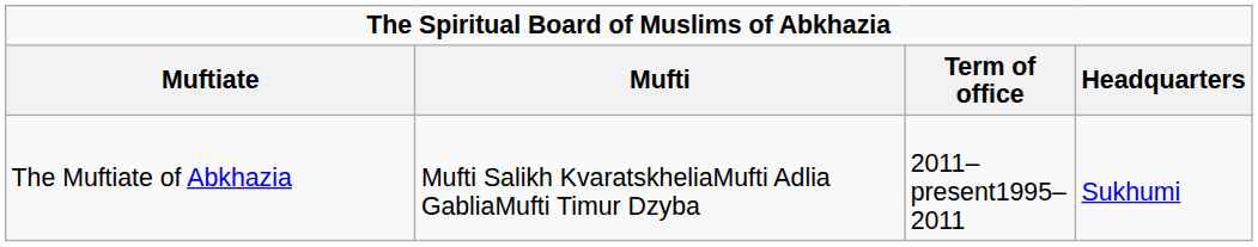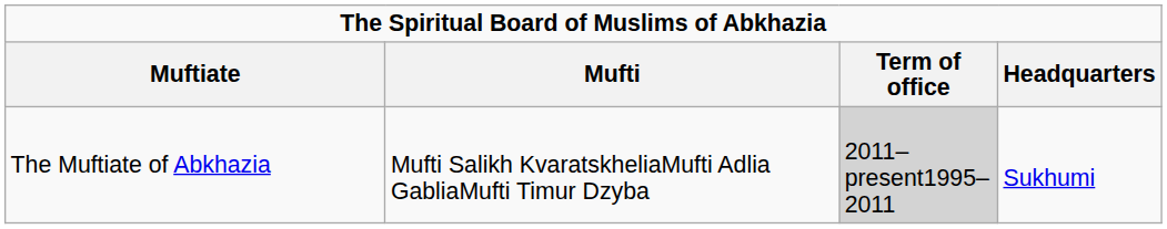 <table class=wikitable>
 <tr>
 <td colspan=4 align=center><strong>The Spiritual Board of Muslims of Abkhazia</strong></td>
 </tr>
 <tr>
 <th scope="row" width="250">Muftiate</th>
 <th scope="row" width="300">Mufti</th>
 <th scope="row" width="100">Term of office</th>
 <th scope="row" width="100">Headquarters</th>
 </tr>
 <tr>
 <td>The Muftiate of <a href='#'>Abkhazia</a></td>
 <td><br>Mufti Salikh KvaratskheliaMufti Adlia GabliaMufti Timur Dzyba</td>
-<td><br>2011–present1995–2011</td>
+<td style="background: lightgrey;"><br>2011–present1995–2011</td>
 <td><br><a href='#'>Sukhumi</a></td>
 </tr>
 </table>
